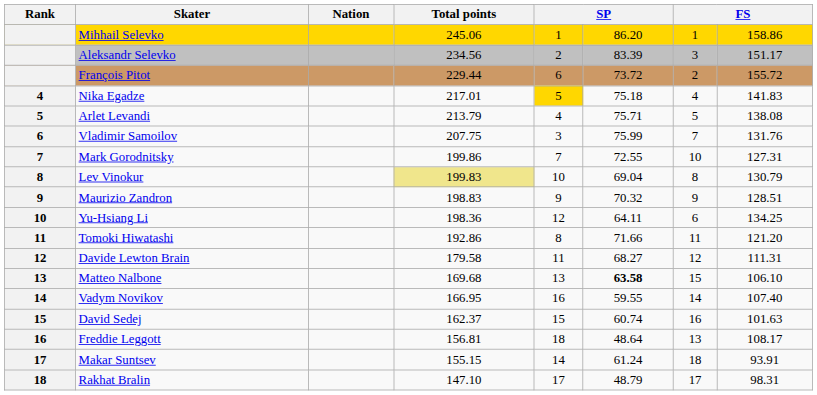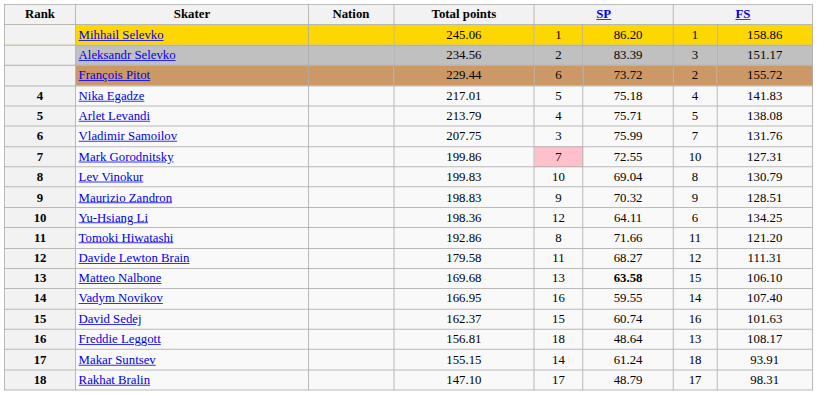 <table class="wikitable sortable" style="text-align:center;" width="80%">
 <tr>
 <th scope="col">Rank</th>
 <th scope="col">Skater</th>
 <th scope="col">Nation</th>
 <th scope="col">Total points</th>
 <th scope="col" colspan="2" width="80px"><a href='#'>SP</a></th>
 <th scope="col" colspan="2" width="80px"><a href='#'>FS</a></th>
 </tr>
 <tr bgcolor="gold">
 <th scope="row"></th>
 <td align="left"><a href='#'>Mihhail Selevko</a></td>
 <td align="left"></td>
 <td>245.06</td>
 <td>1</td>
 <td>86.20</td>
 <td>1</td>
 <td>158.86</td>
 </tr>
 <tr bgcolor="silver">
 <th scope="row"></th>
 <td align="left"><a href='#'>Aleksandr Selevko</a></td>
 <td align="left"></td>
 <td>234.56</td>
 <td>2</td>
 <td>83.39</td>
 <td>3</td>
 <td>151.17</td>
 </tr>
 <tr bgcolor="cc9966">
 <th scope="row"></th>
 <td align="left"><a href='#'>François Pitot</a></td>
 <td align="left"></td>
 <td>229.44</td>
 <td>6</td>
 <td>73.72</td>
 <td>2</td>
 <td>155.72</td>
 </tr>
 <tr>
 <th scope="row">4</th>
 <td align="left"><a href='#'>Nika Egadze</a></td>
 <td align="left"></td>
 <td>217.01</td>
-<td style="background: gold;">5</td>
+<td>5</td>
 <td>75.18</td>
 <td>4</td>
 <td>141.83</td>
 </tr>
 <tr>
 <th scope="row">5</th>
 <td align="left"><a href='#'>Arlet Levandi</a></td>
 <td align="left"></td>
 <td>213.79</td>
 <td>4</td>
 <td>75.71</td>
 <td>5</td>
 <td>138.08</td>
 </tr>
 <tr>
 <th scope="row">6</th>
 <td align="left"><a href='#'>Vladimir Samoilov</a></td>
 <td align="left"></td>
 <td>207.75</td>
 <td>3</td>
 <td>75.99</td>
 <td>7</td>
 <td>131.76</td>
 </tr>
 <tr>
 <th scope="row">7</th>
 <td align="left"><a href='#'>Mark Gorodnitsky</a></td>
 <td align="left"></td>
 <td>199.86</td>
-<td>7</td>
+<td style="background: pink;">7</td>
 <td>72.55</td>
 <td>10</td>
 <td>127.31</td>
 </tr>
 <tr>
 <th scope="row">8</th>
 <td align="left"><a href='#'>Lev Vinokur</a></td>
 <td align="left"></td>
-<td style="background: khaki;">199.83</td>
+<td>199.83</td>
 <td>10</td>
 <td>69.04</td>
 <td>8</td>
 <td>130.79</td>
 </tr>
 <tr>
 <th scope="row">9</th>
 <td align="left"><a href='#'>Maurizio Zandron</a></td>
 <td align="left"></td>
 <td>198.83</td>
 <td>9</td>
 <td>70.32</td>
 <td>9</td>
 <td>128.51</td>
 </tr>
 <tr>
 <th scope="row">10</th>
 <td align="left"><a href='#'>Yu-Hsiang Li</a></td>
 <td align="left"></td>
 <td>198.36</td>
 <td>12</td>
 <td>64.11</td>
 <td>6</td>
 <td>134.25</td>
 </tr>
 <tr>
 <th scope="row">11</th>
 <td align="left"><a href='#'>Tomoki Hiwatashi</a></td>
 <td align="left"></td>
 <td>192.86</td>
 <td>8</td>
 <td>71.66</td>
 <td>11</td>
 <td>121.20</td>
 </tr>
 <tr>
 <th scope="row">12</th>
 <td align="left"><a href='#'>Davide Lewton Brain</a></td>
 <td align="left"></td>
 <td>179.58</td>
 <td>11</td>
 <td>68.27</td>
 <td>12</td>
 <td>111.31</td>
 </tr>
 <tr>
 <th scope="row">13</th>
 <td align="left"><a href='#'>Matteo Nalbone</a></td>
 <td align="left"></td>
 <td>169.68</td>
 <td>13</td>
 <td><strong>63.58</strong></td>
 <td>15</td>
 <td>106.10</td>
 </tr>
 <tr>
 <th scope="row">14</th>
 <td align="left"><a href='#'>Vadym Novikov</a></td>
 <td align="left"></td>
 <td>166.95</td>
 <td>16</td>
 <td>59.55</td>
 <td>14</td>
 <td>107.40</td>
 </tr>
 <tr>
 <th scope="row">15</th>
 <td align="left"><a href='#'>David Sedej</a></td>
 <td align="left"></td>
 <td>162.37</td>
 <td>15</td>
 <td>60.74</td>
 <td>16</td>
 <td>101.63</td>
 </tr>
 <tr>
 <th scope="row">16</th>
 <td align="left"><a href='#'>Freddie Leggott</a></td>
 <td align="left"></td>
 <td>156.81</td>
 <td>18</td>
 <td>48.64</td>
 <td>13</td>
 <td>108.17</td>
 </tr>
 <tr>
 <th scope="row">17</th>
 <td align="left"><a href='#'>Makar Suntsev</a></td>
 <td align="left"></td>
 <td>155.15</td>
 <td>14</td>
 <td>61.24</td>
 <td>18</td>
 <td>93.91</td>
 </tr>
 <tr>
 <th scope="row">18</th>
 <td align="left"><a href='#'>Rakhat Bralin</a></td>
 <td align="left"></td>
 <td>147.10</td>
 <td>17</td>
 <td>48.79</td>
 <td>17</td>
 <td>98.31</td>
 </tr>
 </table>
